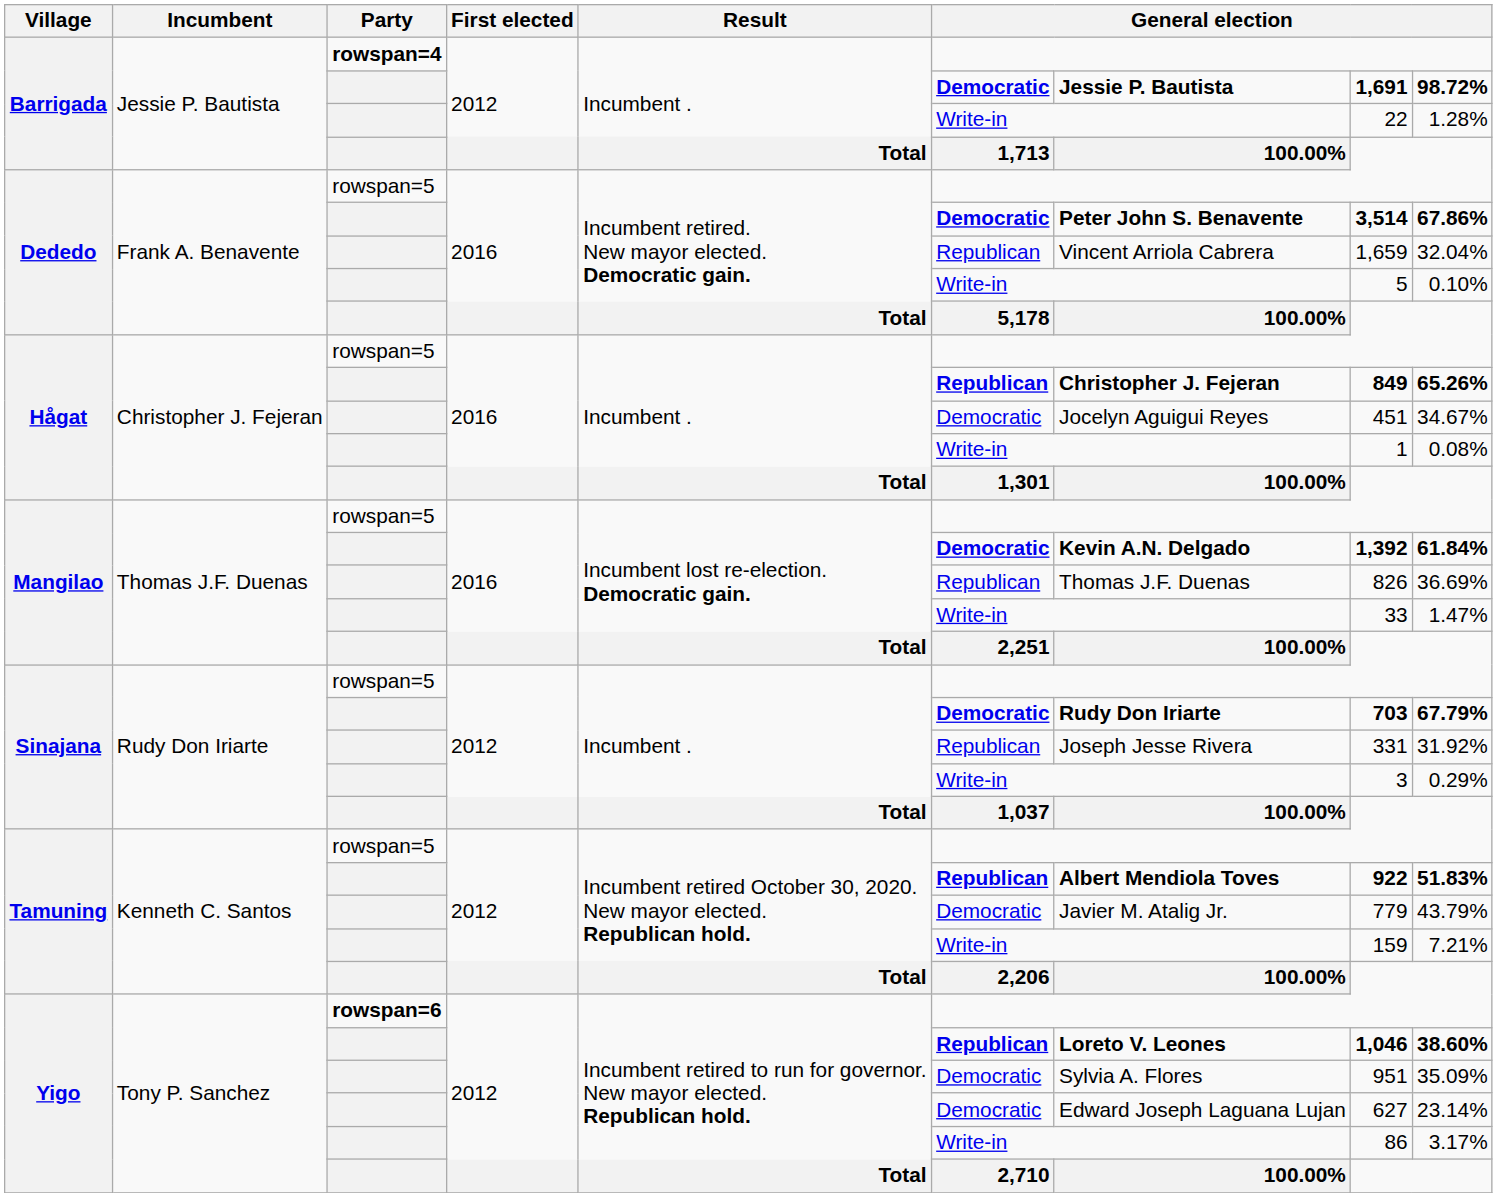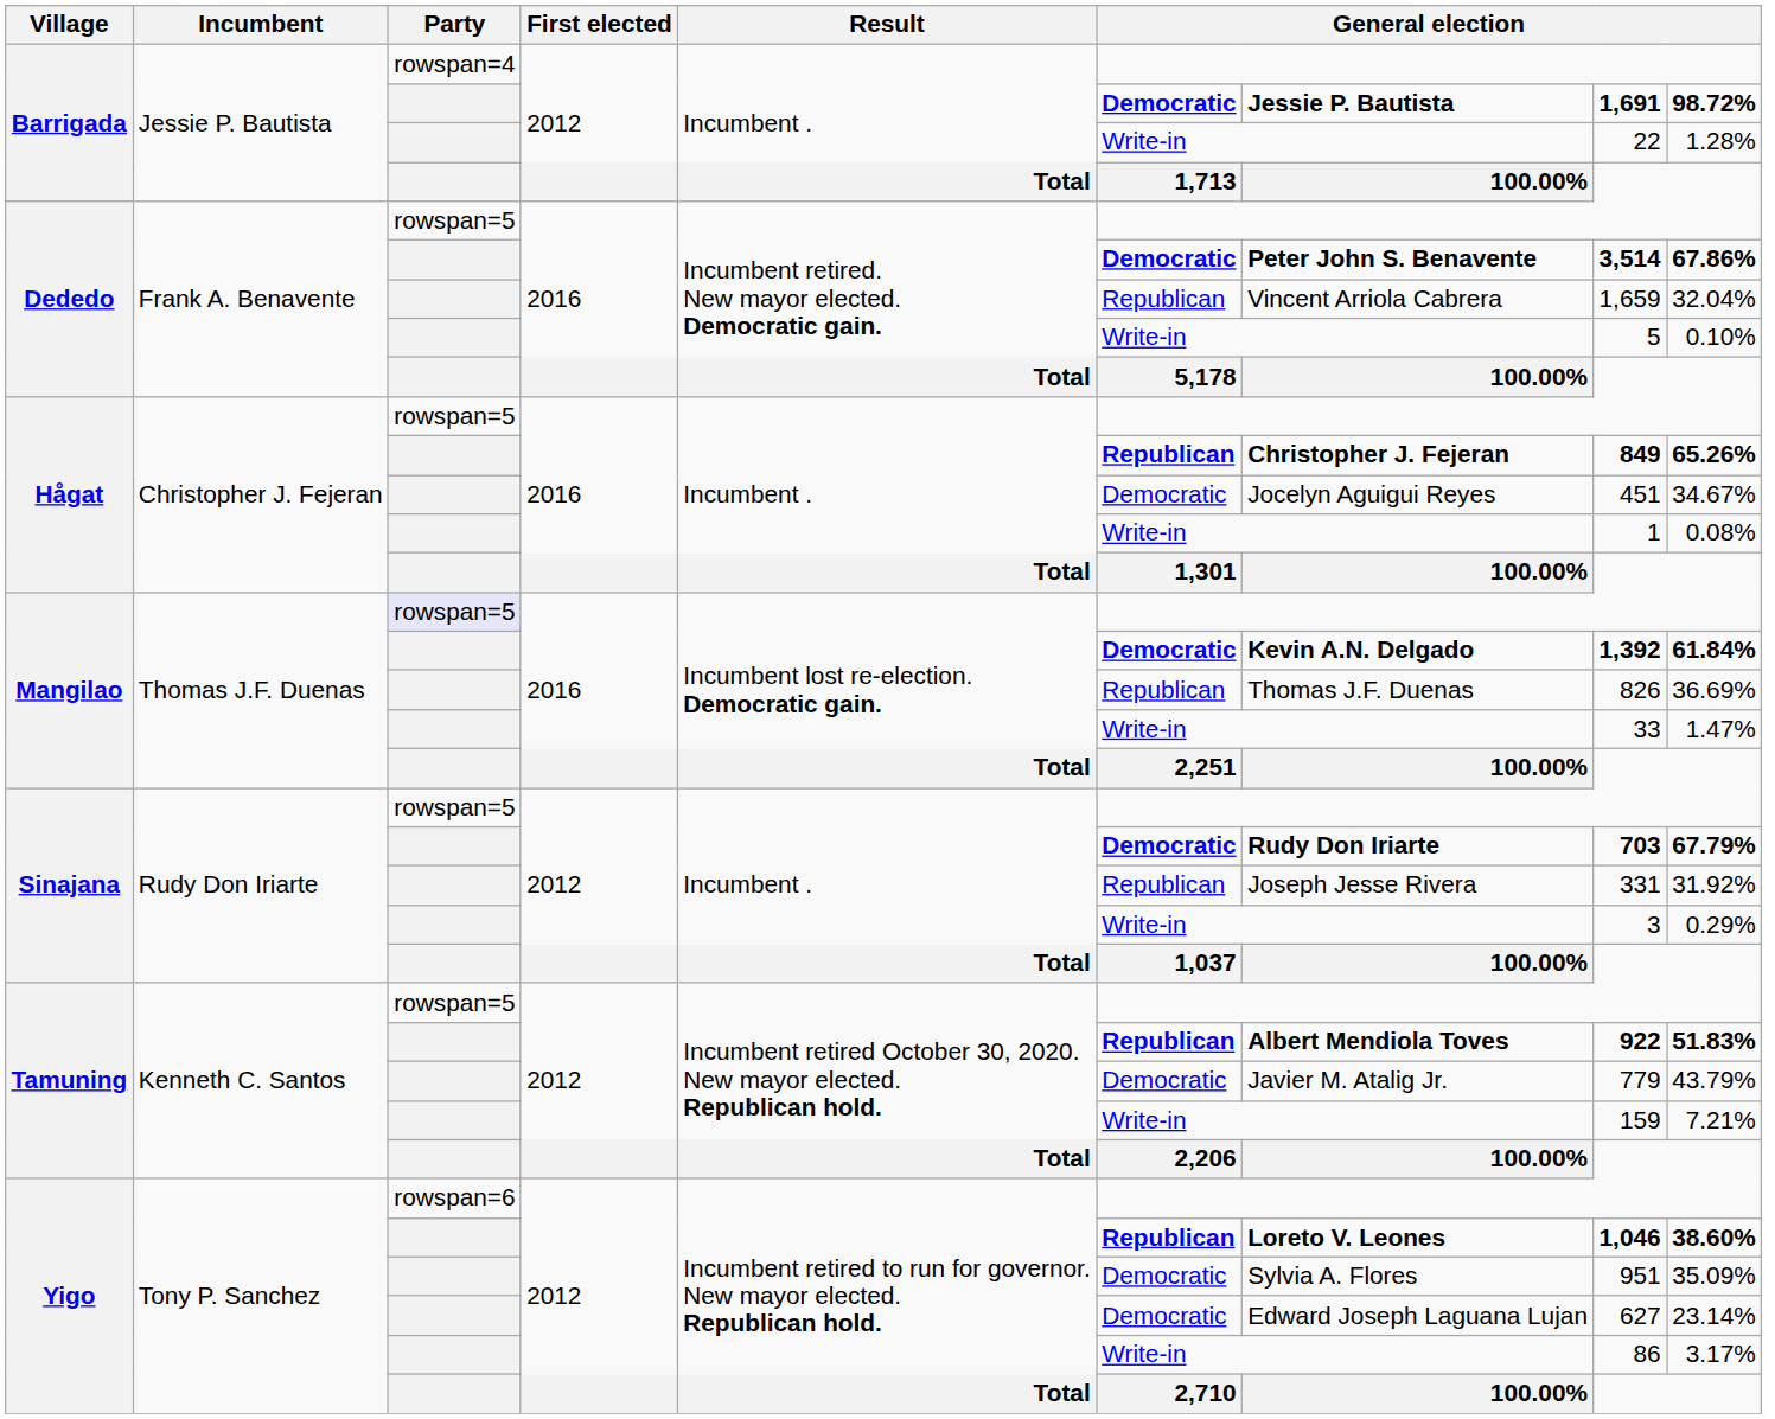 <table class="wikitable">
 <tr valign=bottom>
 <th>Village</th>
 <th>Incumbent</th>
 <th>Party</th>
 <th>First elected</th>
 <th>Result</th>
 <th colspan=5>General election</th>
 </tr>
 <tr>
 <th rowspan=4><a href='#'>Barrigada</a></th>
 <td rowspan=4>Jessie P. Bautista</td>
-<td><strong>rowspan=4 </strong></td>
+<td>rowspan=4 </td>
 <td rowspan=4>2012</td>
 <td rowspan=4>Incumbent .</td>
 </tr>
 <tr>
 <th style="background-color:"></th>
 <td style="text-align:left;"><strong><a href='#'>Democratic</a></strong></td>
 <td style="text-align:left;"><strong>Jessie P. Bautista</strong></td>
 <td style="text-align:right;"><strong>1,691</strong></td>
 <td style="text-align:right;"><strong>98.72%</strong></td>
 </tr>
 <tr>
 <th style="background-color:"></th>
 <td colspan=2 style="text-align:left;"><a href='#'>Write-in</a></td>
 <td style="text-align:right;">22</td>
 <td style="text-align:right;">1.28%</td>
 </tr>
 <tr>
 <th colspan=3 style="text-align:right;">Total</th>
 <th style="text-align:right;">1,713</th>
 <th style="text-align:right;">100.00%</th>
 </tr>
 <tr>
 <th rowspan=5><a href='#'>Dededo</a></th>
 <td rowspan=5>Frank A. Benavente</td>
 <td>rowspan=5 </td>
 <td rowspan=5>2016</td>
 <td rowspan=5 >Incumbent retired.<br>New mayor elected.<br><strong>Democratic gain.</strong></td>
 </tr>
 <tr>
 <th style="background-color:"></th>
 <td style="text-align:left;"><strong><a href='#'>Democratic</a></strong></td>
 <td style="text-align:left;"><strong>Peter John S. Benavente</strong></td>
 <td style="text-align:right;"><strong>3,514</strong></td>
 <td style="text-align:right;"><strong>67.86%</strong></td>
 </tr>
 <tr>
 <th style="background-color:"></th>
 <td style="text-align:left;"><a href='#'>Republican</a></td>
 <td style="text-align:left;">Vincent Arriola Cabrera</td>
 <td style="text-align:right;">1,659</td>
 <td style="text-align:right;">32.04%</td>
 </tr>
 <tr>
 <th style="background-color:"></th>
 <td colspan=2 style="text-align:left;"><a href='#'>Write-in</a></td>
 <td style="text-align:right;">5</td>
 <td style="text-align:right;">0.10%</td>
 </tr>
 <tr>
 <th colspan=3 style="text-align:right;">Total</th>
 <th style="text-align:right;">5,178</th>
 <th style="text-align:right;">100.00%</th>
 </tr>
 <tr>
 <th rowspan=5><a href='#'>Hågat</a></th>
 <td rowspan=5>Christopher J. Fejeran</td>
 <td>rowspan=5 </td>
 <td rowspan=5>2016</td>
 <td rowspan=5>Incumbent .</td>
 </tr>
 <tr>
 <th style="background-color:"></th>
 <td style="text-align:left;"><strong><a href='#'>Republican</a></strong></td>
 <td style="text-align:left;"><strong>Christopher J. Fejeran</strong></td>
 <td style="text-align:right;"><strong>849</strong></td>
 <td style="text-align:right;"><strong>65.26%</strong></td>
 </tr>
 <tr>
 <th style="background-color:"></th>
 <td style="text-align:left;"><a href='#'>Democratic</a></td>
 <td style="text-align:left;">Jocelyn Aguigui Reyes</td>
 <td style="text-align:right;">451</td>
 <td style="text-align:right;">34.67%</td>
 </tr>
 <tr>
 <th style="background-color:"></th>
 <td colspan=2 style="text-align:left;"><a href='#'>Write-in</a></td>
 <td style="text-align:right;">1</td>
 <td style="text-align:right;">0.08%</td>
 </tr>
 <tr>
 <th colspan=3 style="text-align:right;">Total</th>
 <th style="text-align:right;">1,301</th>
 <th style="text-align:right;">100.00%</th>
 </tr>
 <tr>
 <th rowspan=5><a href='#'>Mangilao</a></th>
 <td rowspan=5>Thomas J.F. Duenas</td>
-<td>rowspan=5 </td>
+<td style="background: lavender;">rowspan=5 </td>
 <td rowspan=5>2016</td>
 <td rowspan=5 >Incumbent lost re-election.<br><strong>Democratic gain.</strong></td>
 </tr>
 <tr>
 <th style="background-color:"></th>
 <td style="text-align:left;"><strong><a href='#'>Democratic</a></strong></td>
 <td style="text-align:left;"><strong>Kevin A.N. Delgado</strong></td>
 <td style="text-align:right;"><strong>1,392</strong></td>
 <td style="text-align:right;"><strong>61.84%</strong></td>
 </tr>
 <tr>
 <th style="background-color:"></th>
 <td style="text-align:left;"><a href='#'>Republican</a></td>
 <td style="text-align:left;">Thomas J.F. Duenas</td>
 <td style="text-align:right;">826</td>
 <td style="text-align:right;">36.69%</td>
 </tr>
 <tr>
 <th style="background-color:"></th>
 <td colspan=2 style="text-align:left;"><a href='#'>Write-in</a></td>
 <td style="text-align:right;">33</td>
 <td style="text-align:right;">1.47%</td>
 </tr>
 <tr>
 <th colspan=3 style="text-align:right;">Total</th>
 <th style="text-align:right;">2,251</th>
 <th style="text-align:right;">100.00%</th>
 </tr>
 <tr>
 <th rowspan=5><a href='#'>Sinajana</a></th>
 <td rowspan=5>Rudy Don Iriarte</td>
 <td>rowspan=5 </td>
 <td rowspan=5>2012</td>
 <td rowspan=5>Incumbent .</td>
 </tr>
 <tr>
 <th style="background-color:"></th>
 <td style="text-align:left;"><strong><a href='#'>Democratic</a></strong></td>
 <td style="text-align:left;"><strong>Rudy Don Iriarte</strong></td>
 <td style="text-align:right;"><strong>703 </strong></td>
 <td style="text-align:right;"><strong>67.79%</strong></td>
 </tr>
 <tr>
 <th style="background-color:"></th>
 <td style="text-align:left;"><a href='#'>Republican</a></td>
 <td style="text-align:left;">Joseph Jesse Rivera</td>
 <td style="text-align:right;">331</td>
 <td style="text-align:right;">31.92%</td>
 </tr>
 <tr>
 <th style="background-color:"></th>
 <td colspan=2 style="text-align:left;"><a href='#'>Write-in</a></td>
 <td style="text-align:right;">3</td>
 <td style="text-align:right;">0.29%</td>
 </tr>
 <tr>
 <th colspan=3 style="text-align:right;">Total</th>
 <th style="text-align:right;">1,037</th>
 <th style="text-align:right;">100.00%</th>
 </tr>
 <tr>
 <th rowspan=5><a href='#'>Tamuning</a></th>
 <td rowspan=5>Kenneth C. Santos</td>
 <td>rowspan=5 </td>
 <td rowspan=5>2012</td>
 <td rowspan=5 >Incumbent retired October 30, 2020.<br>New mayor elected.<br><strong>Republican hold.</strong></td>
 </tr>
 <tr>
 <th style="background-color:"></th>
 <td style="text-align:left;"><strong><a href='#'>Republican</a></strong></td>
 <td style="text-align:left;"><strong>Albert Mendiola Toves</strong></td>
 <td style="text-align:right;"><strong>922</strong></td>
 <td style="text-align:right;"><strong>51.83%</strong></td>
 </tr>
 <tr>
 <th style="background-color:"></th>
 <td style="text-align:left;"><a href='#'>Democratic</a></td>
 <td style="text-align:left;">Javier M. Atalig Jr.</td>
 <td style="text-align:right;">779</td>
 <td style="text-align:right;">43.79%</td>
 </tr>
 <tr>
 <th style="background-color:"></th>
 <td colspan=2 style="text-align:left;"><a href='#'>Write-in</a></td>
 <td style="text-align:right;">159</td>
 <td style="text-align:right;">7.21%</td>
 </tr>
 <tr>
 <th colspan=3 style="text-align:right;">Total</th>
 <th style="text-align:right;">2,206</th>
 <th style="text-align:right;">100.00%</th>
 </tr>
 <tr>
 <th rowspan=6><a href='#'>Yigo</a></th>
 <td rowspan=6>Tony P. Sanchez</td>
-<td><strong>rowspan=6 </strong></td>
+<td>rowspan=6 </td>
 <td rowspan=6>2012</td>
 <td rowspan=6 >Incumbent retired to run for governor.<br>New mayor elected.<br><strong>Republican hold.</strong></td>
 </tr>
 <tr>
 <th style="background-color:"></th>
 <td style="text-align:left;"><strong><a href='#'>Republican</a></strong></td>
 <td style="text-align:left;"><strong>Loreto V. Leones</strong></td>
 <td style="text-align:right;"><strong>1,046</strong></td>
 <td style="text-align:right;"><strong>38.60%</strong></td>
 </tr>
 <tr>
 <th style="background-color:"></th>
 <td style="text-align:left;"><a href='#'>Democratic</a></td>
 <td style="text-align:left;">Sylvia A. Flores</td>
 <td style="text-align:right;">951</td>
 <td style="text-align:right;">35.09%</td>
 </tr>
 <tr>
 <th style="background-color:"></th>
 <td style="text-align:left;"><a href='#'>Democratic</a></td>
 <td style="text-align:left;">Edward Joseph Laguana Lujan</td>
 <td style="text-align:right;">627</td>
 <td style="text-align:right;">23.14%</td>
 </tr>
 <tr>
 <th style="background-color:"></th>
 <td colspan=2 style="text-align:left;"><a href='#'>Write-in</a></td>
 <td style="text-align:right;">86</td>
 <td style="text-align:right;">3.17%</td>
 </tr>
 <tr>
 <th colspan=3 style="text-align:right;">Total</th>
 <th style="text-align:right;">2,710</th>
 <th style="text-align:right;">100.00%</th>
 </tr>
 </table>
